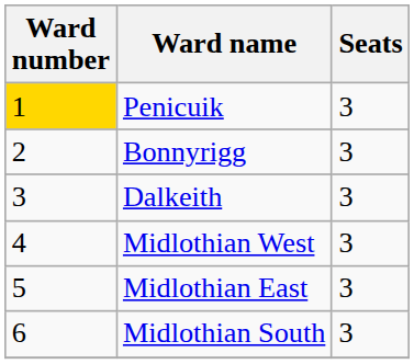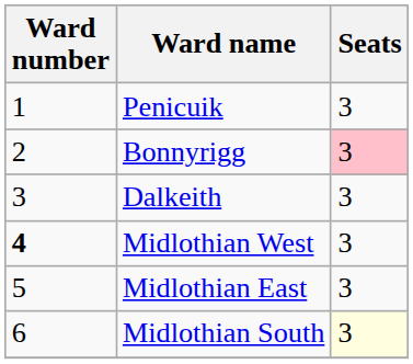 <table class="wikitable sortable">
 <tr>
 <th>Ward<br>number</th>
 <th>Ward name</th>
 <th>Seats</th>
 </tr>
 <tr>
-<td style="background: gold;">1</td>
+<td>1</td>
 <td><a href='#'>Penicuik</a></td>
 <td>3</td>
 </tr>
 <tr>
 <td>2</td>
 <td><a href='#'>Bonnyrigg</a></td>
-<td>3</td>
+<td style="background: pink;">3</td>
 </tr>
 <tr>
 <td>3</td>
 <td><a href='#'>Dalkeith</a></td>
 <td>3</td>
 </tr>
 <tr>
-<td>4</td>
+<td><strong>4</strong></td>
 <td><a href='#'>Midlothian West</a></td>
 <td>3</td>
 </tr>
 <tr>
 <td>5</td>
 <td><a href='#'>Midlothian East</a></td>
 <td>3</td>
 </tr>
 <tr>
 <td>6</td>
 <td><a href='#'>Midlothian South</a></td>
-<td>3</td>
+<td style="background: lightyellow;">3</td>
 </tr>
 <tr>
 </tr>
 </table>
